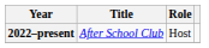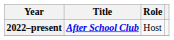 <table class="wikitable  plainrowheaders">
 <tr>
 <th scope="col">Year</th>
 <th scope="col">Title</th>
 <th scope="col">Role</th>
 <th scope="col" class="unsortable"></th>
 </tr>
 <tr>
 <th scope="row">2022–present</th>
-<td><em><a href='#'>After School Club</a></em></td>
+<td><strong><em><a href='#'>After School Club</a></em></strong></td>
 <td>Host</td>
 <td></td>
 </tr>
 <tr>
 </tr>
 </table>
